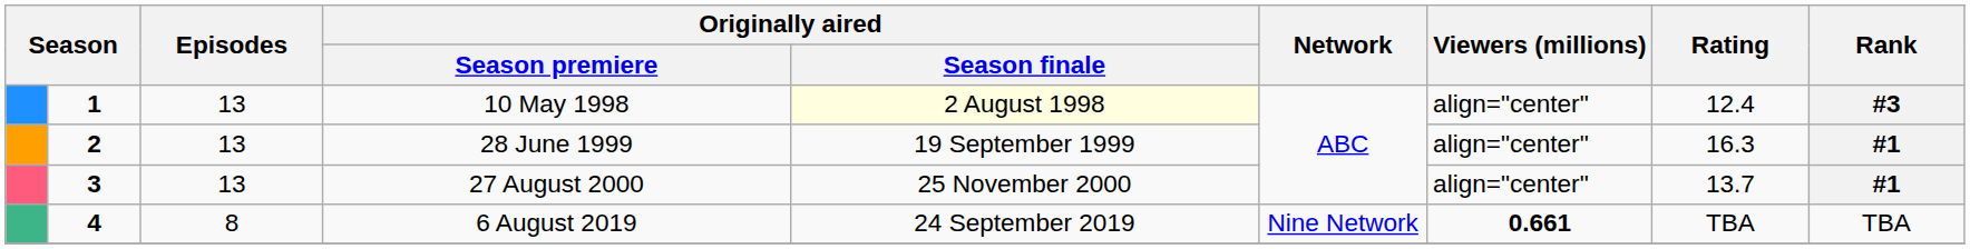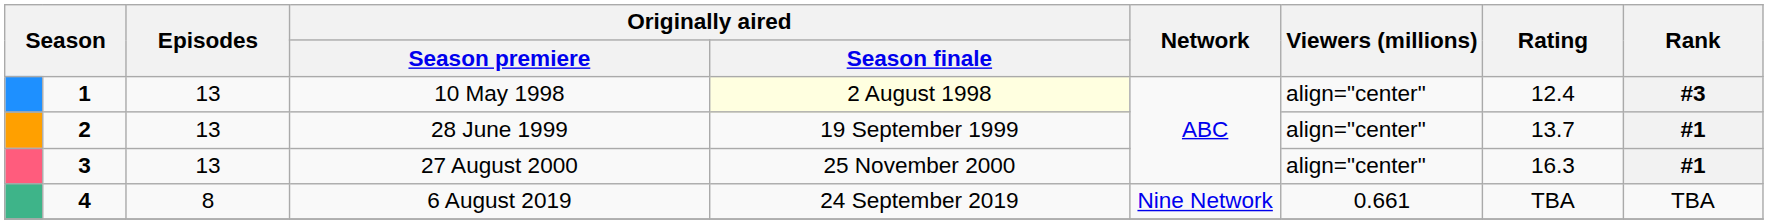 <table class="wikitable">
 <tr>
 <th colspan="2" rowspan="2" width=3%>Season</th>
 <th rowspan="2" width=5%>Episodes</th>
 <th colspan="2">Originally aired</th>
 <th rowspan="2" width=5%>Network</th>
 <th rowspan="2" width=5%>Viewers (millions)</th>
 <th rowspan="2" width=5%>Rating</th>
 <th rowspan="2" width=5%>Rank</th>
 </tr>
 <tr>
 <th width=15%><a href='#'>Season premiere</a></th>
 <th width=15%><a href='#'>Season finale</a></th>
 </tr>
 <tr>
 <td bgcolor="1E90FF" height="10px"></td>
 <td align="center"><strong>1</strong></td>
 <td align="center">13</td>
 <td align="center">10 May 1998</td>
 <td align="center" style="background: lightyellow;">2 August 1998</td>
 <td align="center" rowspan="3"><a href='#'>ABC</a></td>
 <td>align="center" </td>
 <td align="center">12.4</td>
 <th align="center">#3</th>
 </tr>
 <tr>
 <td bgcolor="FFA000" height="10px"></td>
 <td align="center"><strong>2</strong></td>
 <td align="center">13</td>
 <td align="center">28 June 1999</td>
 <td align="center">19 September 1999</td>
 <td>align="center" </td>
-<td align="center">16.3</td>
+<td align="center">13.7</td>
 <th align="center">#1</th>
 </tr>
 <tr>
 <td bgcolor="FF5C7D" height="10px"></td>
 <td align="center"><strong>3</strong></td>
 <td align="center">13</td>
 <td align="center">27 August 2000</td>
 <td align="center">25 November 2000</td>
 <td>align="center" </td>
-<td align="center">13.7</td>
+<td align="center">16.3</td>
 <th align="center">#1</th>
 </tr>
 <tr>
 <td bgcolor="3EB489" height="10px"></td>
 <td align="center"><strong>4</strong></td>
 <td align="center">8</td>
 <td align="center">6 August 2019</td>
 <td align="center">24 September 2019</td>
 <td align="center"><a href='#'>Nine Network</a></td>
-<td align="center"><strong>0.661</strong></td>
+<td align="center">0.661</td>
 <td align="center">TBA</td>
 <td align="center">TBA</td>
 </tr>
 <tr>
 </tr>
 </table>
